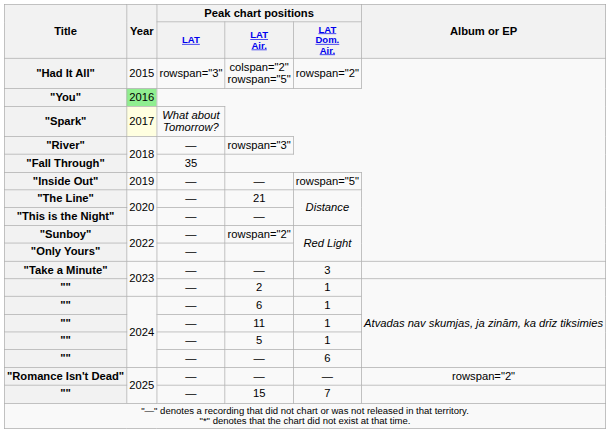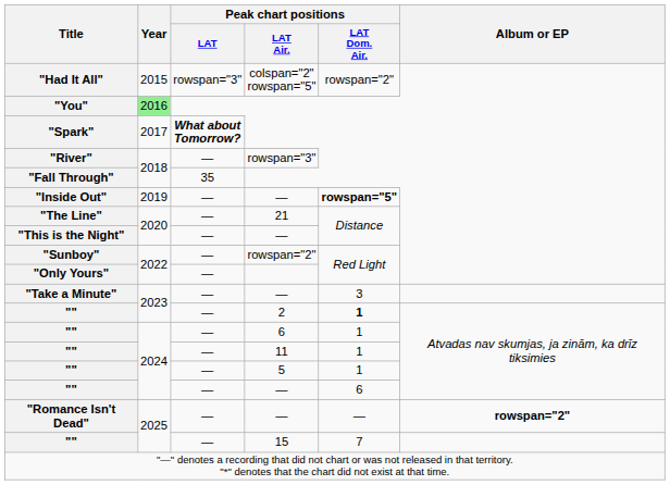 <table class="wikitable plainrowheaders" style="text-align:center;">
 <tr>
 <th rowspan="2" scope="col">Title</th>
 <th rowspan="2" scope="col">Year</th>
 <th colspan="3">Peak chart positions</th>
 <th rowspan="2" scope="col">Album or EP</th>
 </tr>
 <tr>
 <th scope="col" style="width:3em;font-size:85%;"><a href='#'>LAT</a><br></th>
 <th scope="col" style="width:3em;font-size:85%;"><a href='#'>LAT<br>Air.</a><br></th>
 <th scope="col" style="width:3em;font-size:85%;"><a href='#'>LAT<br>Dom.<br>Air.</a><br></th>
 </tr>
 <tr>
 <th scope="row">"Had It All"</th>
 <td>2015</td>
 <td>rowspan="3" </td>
 <td>colspan="2" rowspan="5" </td>
 <td>rowspan="2" </td>
 </tr>
 <tr>
 <th scope="row">"You"</th>
 <td style="background: lightgreen;">2016</td>
 </tr>
 <tr>
 <th scope="row">"Spark"</th>
-<td style="background: lightyellow;">2017</td>
-<td><em>What about Tomorrow?</em></td>
+<td>2017</td>
+<td><strong><em>What about Tomorrow?</em></strong></td>
 </tr>
 <tr>
 <th scope="row">"River"</th>
 <td rowspan="2">2018</td>
 <td>—</td>
 <td>rowspan="3" </td>
 </tr>
 <tr>
 <th scope="row">"Fall Through"</th>
 <td>35</td>
 </tr>
 <tr>
 <th scope="row">"Inside Out"</th>
 <td>2019</td>
 <td>—</td>
 <td>—</td>
-<td>rowspan="5" </td>
+<td><strong>rowspan="5" </strong></td>
 </tr>
 <tr>
 <th scope="row">"The Line"</th>
 <td rowspan="2">2020</td>
 <td>—</td>
 <td>21</td>
 <td rowspan="2"><em>Distance</em></td>
 </tr>
 <tr>
 <th scope="row">"This is the Night"</th>
 <td>—</td>
 <td>—</td>
 </tr>
 <tr>
 <th scope="row">"Sunboy"</th>
 <td rowspan="2">2022</td>
 <td>—</td>
 <td>rowspan="2" </td>
 <td rowspan="2"><em>Red Light</em></td>
 </tr>
 <tr>
 <th scope="row">"Only Yours"</th>
 <td>—</td>
 </tr>
 <tr>
 <th scope="row">"Take a Minute"</th>
 <td rowspan="2">2023</td>
 <td>—</td>
 <td>—</td>
 <td>3</td>
 <td></td>
 </tr>
 <tr>
 <th scope="row">""</th>
 <td>—</td>
 <td>2</td>
-<td>1</td>
+<td><strong>1</strong></td>
 <td rowspan="5"><em>Atvadas nav skumjas, ja zinām, ka drīz tiksimies</em></td>
 </tr>
 <tr>
 <th scope="row">""</th>
 <td rowspan="4">2024</td>
 <td>—</td>
 <td>6</td>
 <td>1</td>
 </tr>
 <tr>
 <th scope="row">""</th>
 <td>—</td>
 <td>11</td>
 <td>1</td>
 </tr>
 <tr>
 <th scope="row">""</th>
 <td>—</td>
 <td>5</td>
 <td>1</td>
 </tr>
 <tr>
 <th scope="row">""</th>
 <td>—</td>
 <td>—</td>
 <td>6</td>
 </tr>
 <tr>
 <th scope="row">"Romance Isn't Dead"</th>
 <td rowspan="2">2025</td>
 <td>—</td>
 <td>—</td>
 <td>—</td>
-<td>rowspan="2" </td>
+<td><strong>rowspan="2" </strong></td>
 </tr>
 <tr>
 <th scope="row">""</th>
 <td>—</td>
 <td>15</td>
 <td>7</td>
 </tr>
 <tr>
 <td colspan="6" style="font-size:85%">"—" denotes a recording that did not chart or was not released in that territory.<br>"*" denotes that the chart did not exist at that time.</td>
 </tr>
 </table>
